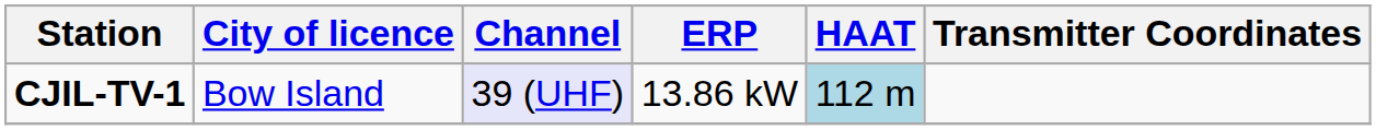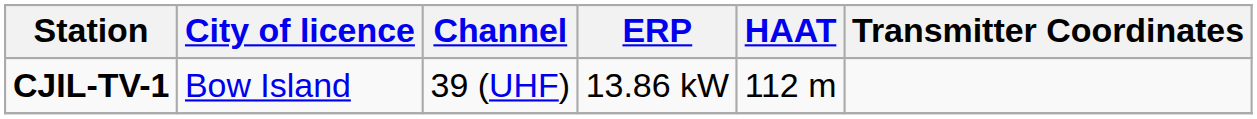 <table class="wikitable">
 <tr>
 <th>Station</th>
 <th><a href='#'>City of licence</a></th>
 <th><a href='#'>Channel</a></th>
 <th><a href='#'>ERP</a></th>
 <th><a href='#'>HAAT</a></th>
 <th>Transmitter Coordinates</th>
 </tr>
 <tr style="vertical-align: top; text-align: left;">
 <td><strong>CJIL-TV-1</strong></td>
 <td><a href='#'>Bow Island</a></td>
-<td style="background: lavender;">39 (<a href='#'>UHF</a>)</td>
+<td>39 (<a href='#'>UHF</a>)</td>
 <td>13.86 kW</td>
-<td style="background: lightblue;">112 m</td>
+<td>112 m</td>
 <td></td>
 </tr>
 <tr style="vertical-align: top; text-align: left;">
 </tr>
 </table>
